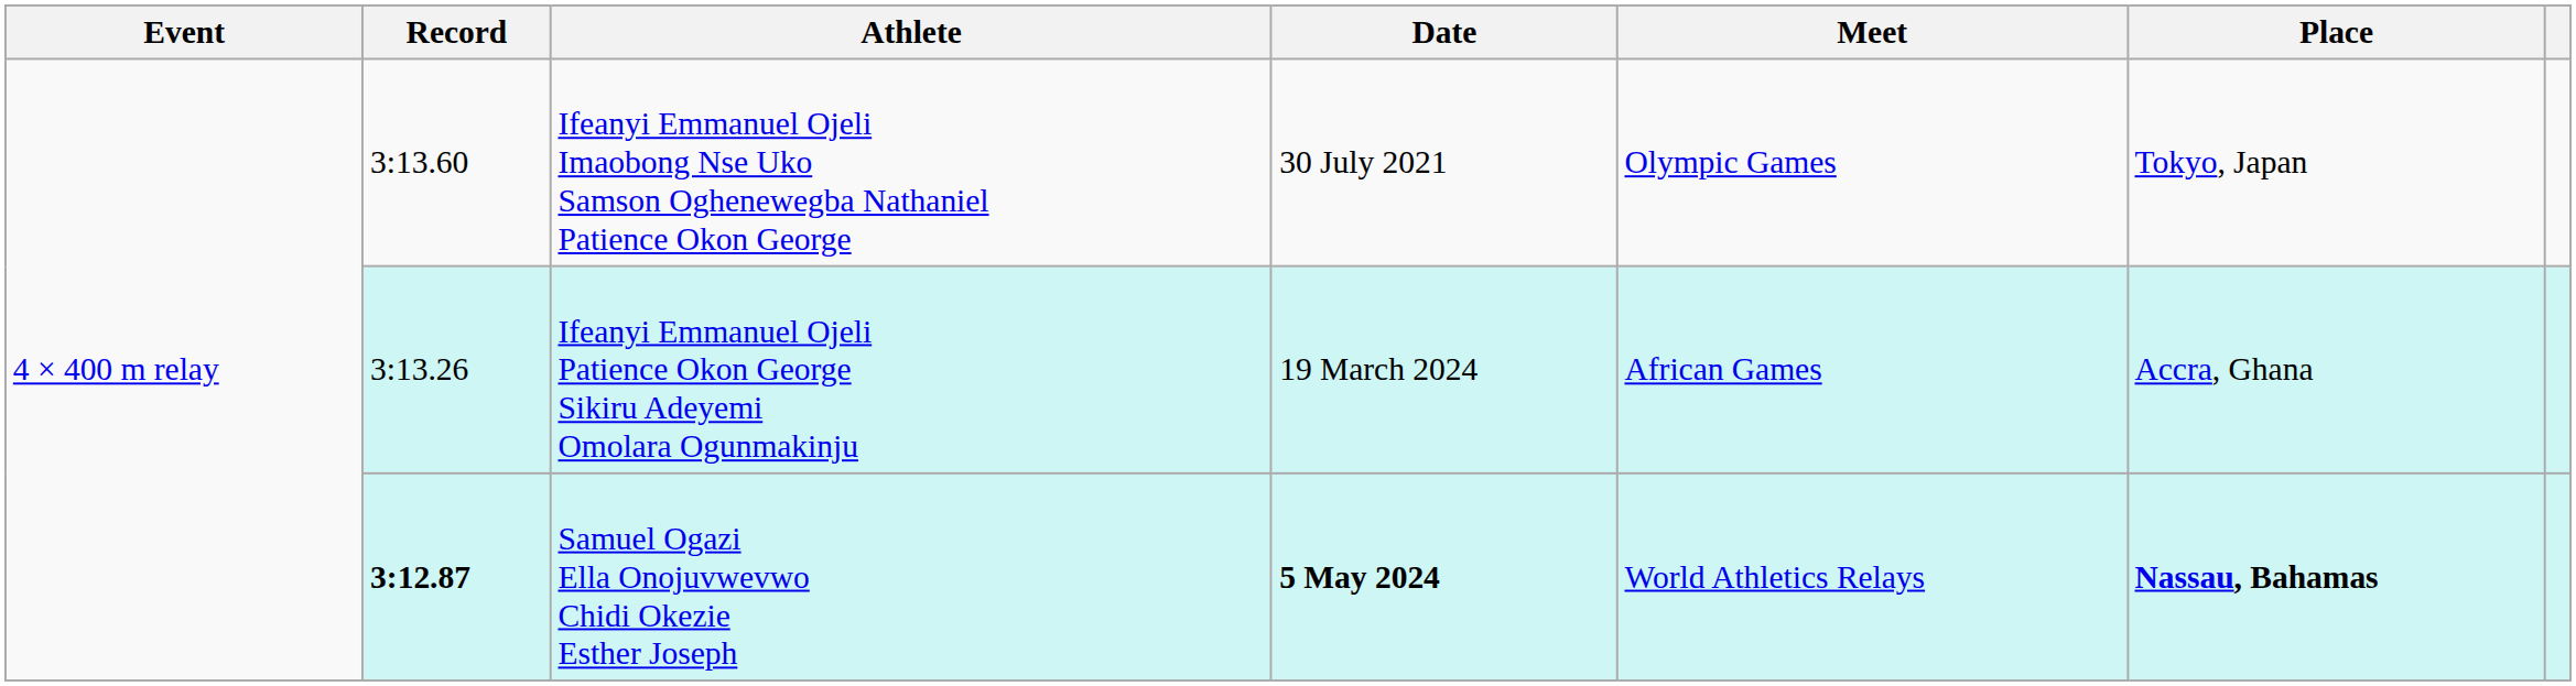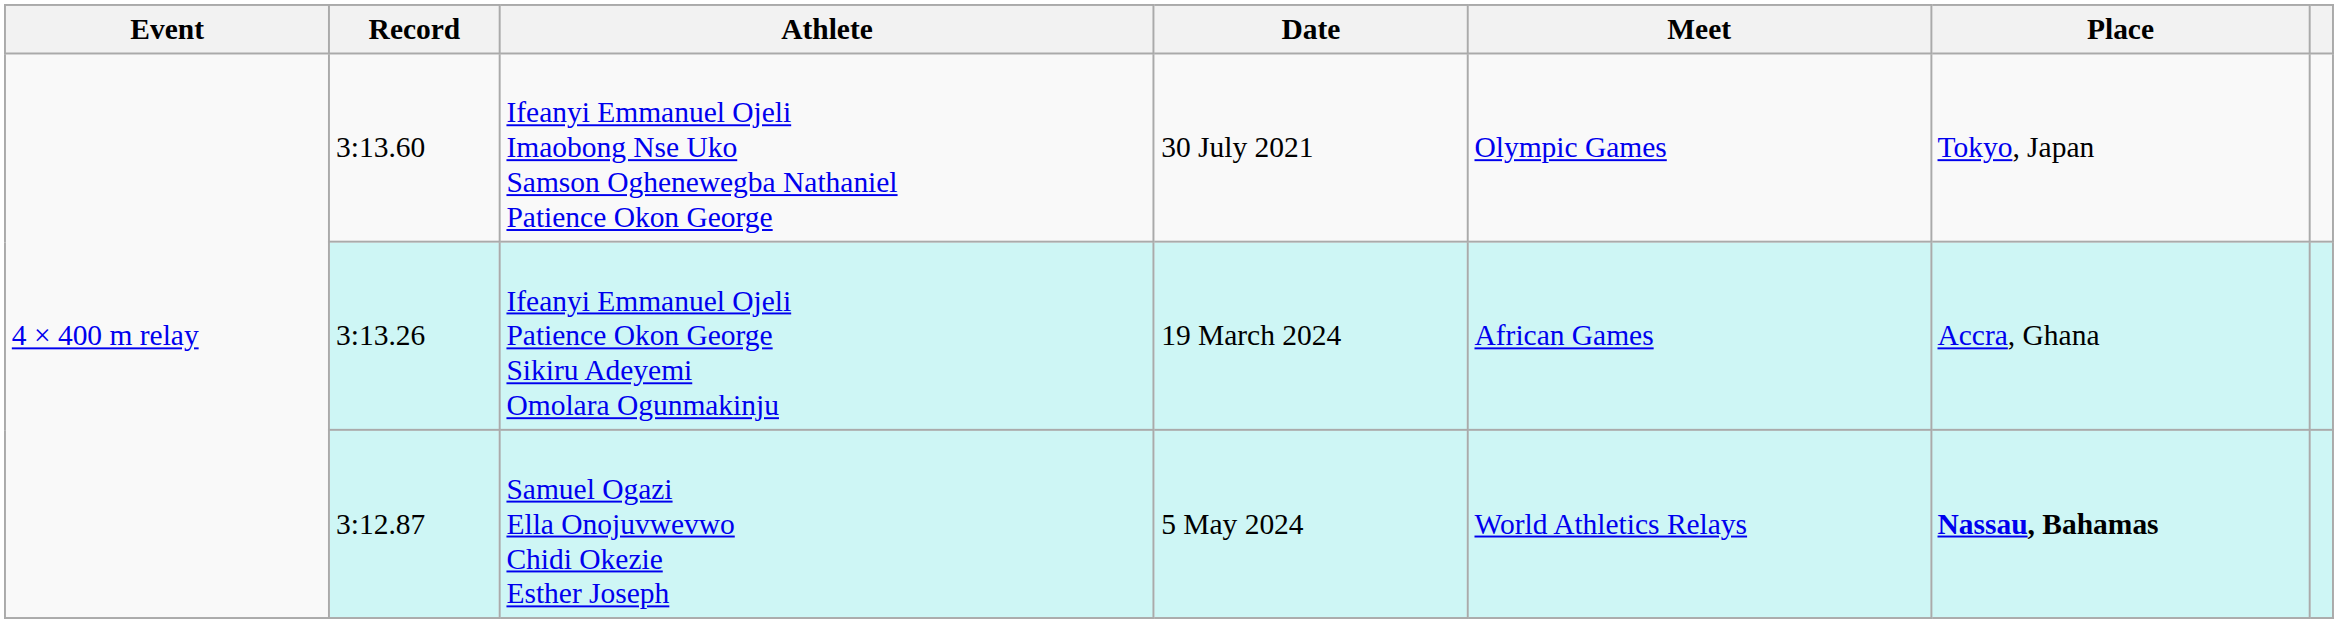 <table class="wikitable" style="font-size: 95%; width: 95%;">
 <tr>
 <th>Event</th>
 <th>Record</th>
 <th>Athlete</th>
 <th>Date</th>
 <th>Meet</th>
 <th>Place</th>
 <th></th>
 </tr>
 <tr>
 <td rowspan=3><a href='#'>4 × 400 m relay</a></td>
 <td>3:13.60</td>
 <td><br><a href='#'>Ifeanyi Emmanuel Ojeli</a><br><a href='#'>Imaobong Nse Uko</a><br><a href='#'>Samson Oghenewegba Nathaniel</a><br><a href='#'>Patience Okon George</a></td>
 <td>30 July 2021</td>
 <td><a href='#'>Olympic Games</a></td>
 <td><a href='#'>Tokyo</a>, Japan</td>
 <td></td>
 </tr>
 <tr bgcolor=#CEF6F5>
 <td>3:13.26</td>
 <td><br><a href='#'>Ifeanyi Emmanuel Ojeli</a><br><a href='#'>Patience Okon George</a><br><a href='#'>Sikiru Adeyemi</a><br><a href='#'>Omolara Ogunmakinju</a></td>
 <td>19 March 2024</td>
 <td><a href='#'>African Games</a></td>
 <td><a href='#'>Accra</a>, Ghana</td>
 <td></td>
 </tr>
 <tr bgcolor=#CEF6F5>
-<td><strong>3:12.87</strong></td>
+<td>3:12.87</td>
 <td><br><a href='#'>Samuel Ogazi</a><br><a href='#'>Ella Onojuvwevwo</a><br><a href='#'>Chidi Okezie</a><br><a href='#'>Esther Joseph</a></td>
-<td><strong>5 May 2024</strong></td>
+<td>5 May 2024</td>
 <td><a href='#'>World Athletics Relays</a></td>
 <td><strong><a href='#'>Nassau</a>, Bahamas</strong></td>
 <td></td>
 </tr>
 </table>
